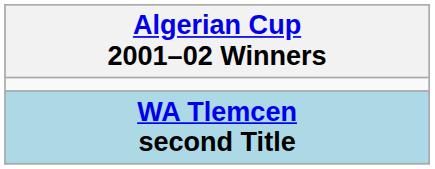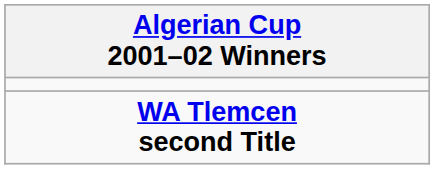 <table class="wikitable" style="text-align: center; margin: 0 auto; width: 20%">
 <tr>
 <th><a href='#'>Algerian Cup</a><br>2001–02 Winners</th>
 </tr>
 <tr>
 <td></td>
 </tr>
 <tr>
-<td style="background: lightblue;"><strong><a href='#'>WA Tlemcen</a></strong><br><strong>second Title</strong></td>
+<td><strong><a href='#'>WA Tlemcen</a></strong><br><strong>second Title</strong></td>
 </tr>
 </table>
